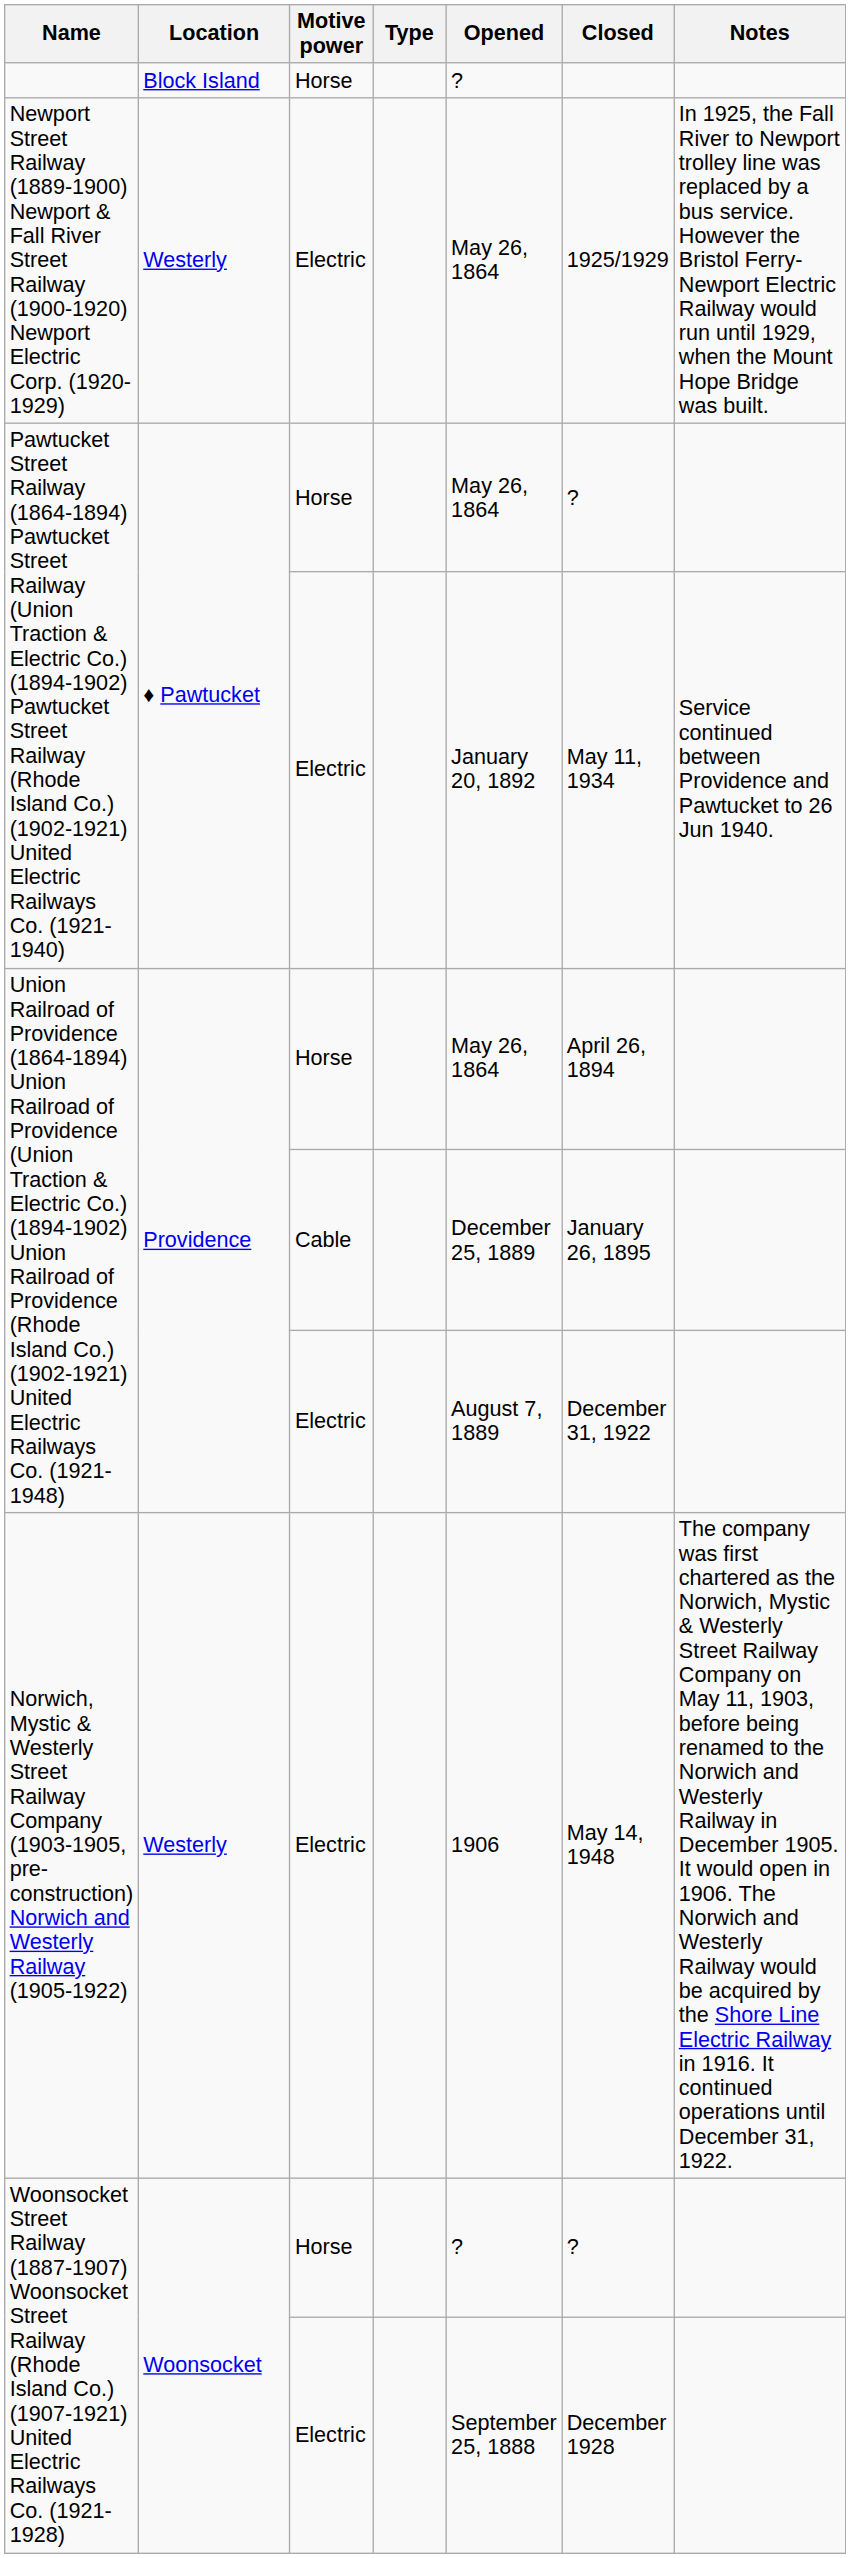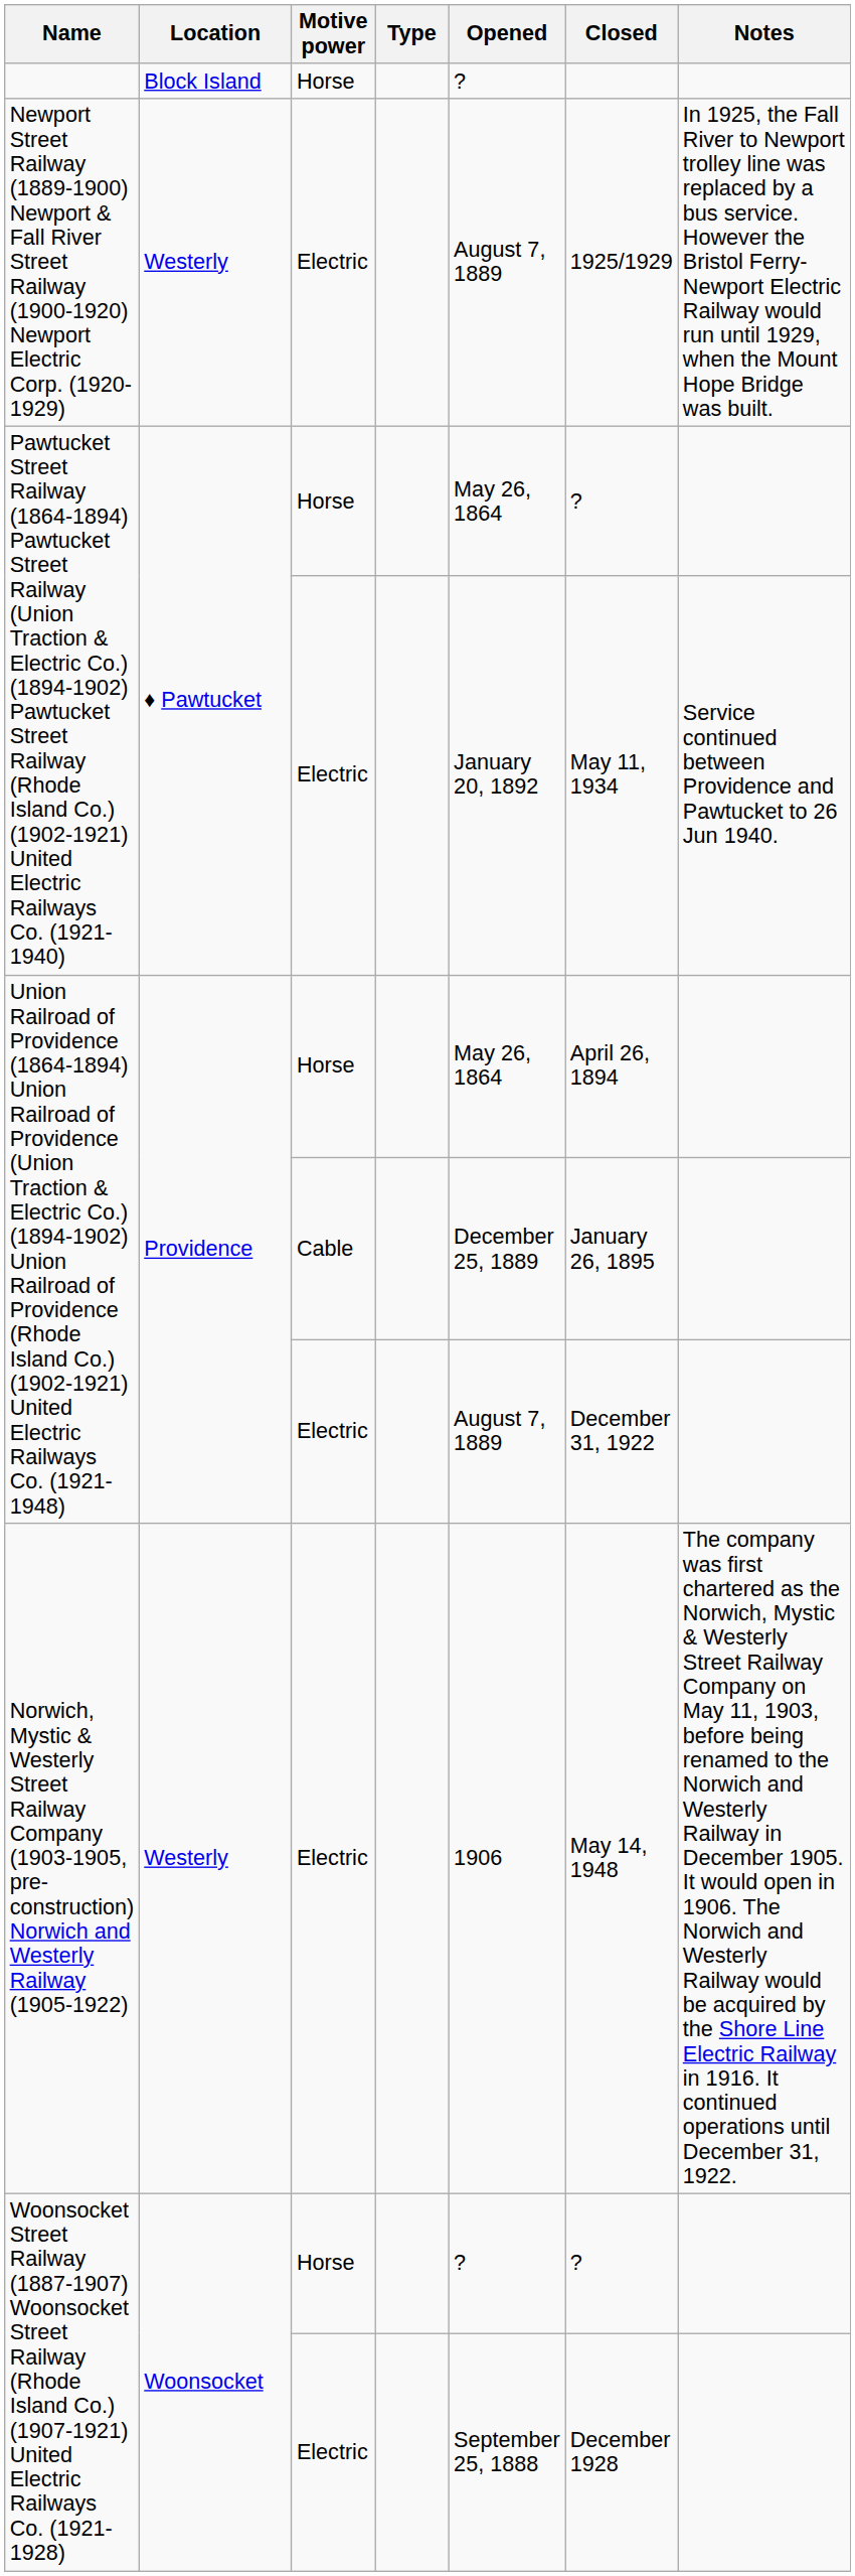 <table class="wikitable sortable" width=100%>
 <tr>
 <th width=15%>Name</th>
 <th width=20%>Location</th>
 <th width=10%>Motive power</th>
 <th width=10%>Type</th>
 <th width=10%>Opened</th>
 <th width=10%>Closed</th>
 <th class="unsortable" width=25%>Notes</th>
 </tr>
 <tr Block Island Electric Lighting & Transportation Company>
 <td> </td>
 <td><a href='#'>Block Island</a></td>
 <td>Horse</td>
 <td> </td>
 <td>?</td>
 <td></td>
 <td> </td>
 </tr>
 <tr>
 <td>Newport Street Railway (1889-1900)<br>Newport & Fall River Street Railway (1900-1920)<br>Newport Electric Corp. (1920-1929)</td>
 <td><a href='#'>Westerly</a></td>
 <td>Electric</td>
 <td> </td>
-<td>May 26, 1864</td>
+<td>August 7, 1889</td>
 <td>1925/1929</td>
 <td>In 1925, the Fall River to Newport trolley line was replaced by a bus service. However the Bristol Ferry-Newport Electric Railway would run until 1929, when the Mount Hope Bridge was built.</td>
 </tr>
 <tr>
 <td rowspan="2">Pawtucket Street Railway (1864-1894)<br>Pawtucket Street Railway (Union Traction & Electric Co.) (1894-1902)<br>Pawtucket Street Railway (Rhode Island Co.) (1902-1921)<br>United Electric Railways Co. (1921-1940)</td>
 <td rowspan="2">♦ <a href='#'>Pawtucket</a></td>
 <td>Horse</td>
 <td> </td>
 <td>May 26, 1864</td>
 <td>?</td>
 <td> </td>
 </tr>
 <tr>
 <td>Electric</td>
 <td> </td>
 <td>January 20, 1892</td>
 <td>May 11, 1934</td>
 <td>Service continued between Providence and Pawtucket to 26 Jun 1940.</td>
 </tr>
 <tr>
 <td rowspan="3">Union Railroad of Providence (1864-1894)<br>Union Railroad of Providence (Union Traction & Electric Co.) (1894-1902)<br>Union Railroad of Providence (Rhode Island Co.) (1902-1921)<br> United Electric Railways Co. (1921-1948)</td>
 <td rowspan="3"><a href='#'>Providence</a></td>
 <td>Horse</td>
 <td> </td>
 <td>May 26, 1864</td>
 <td>April 26, 1894</td>
 <td> </td>
 </tr>
 <tr>
 <td>Cable</td>
 <td> </td>
 <td>December 25, 1889</td>
 <td>January 26, 1895</td>
 <td> </td>
 </tr>
 <tr>
 <td>Electric</td>
 <td> </td>
 <td>August 7, 1889</td>
 <td>December 31, 1922</td>
 <td> </td>
 </tr>
 <tr>
 <td>Norwich, Mystic & Westerly Street Railway Company (1903-1905, pre-construction)<br><a href='#'>Norwich and Westerly Railway</a> (1905-1922)</td>
 <td><a href='#'>Westerly</a></td>
 <td>Electric</td>
 <td> </td>
 <td>1906</td>
 <td>May 14, 1948</td>
 <td>The company was first chartered as the Norwich, Mystic & Westerly Street Railway Company on May 11, 1903, before being renamed to the Norwich and Westerly Railway in December 1905. It would open in 1906. The Norwich and Westerly Railway would be acquired by the <a href='#'>Shore Line Electric Railway</a> in 1916. It continued operations until December 31, 1922.</td>
 </tr>
 <tr>
 <td rowspan="2">Woonsocket Street Railway (1887-1907)<br>Woonsocket Street Railway (Rhode Island Co.) (1907-1921)<br>United Electric Railways Co. (1921-1928)</td>
 <td rowspan=2><a href='#'>Woonsocket</a></td>
 <td>Horse</td>
 <td> </td>
 <td>?</td>
 <td>?</td>
 <td> </td>
 </tr>
 <tr>
 <td>Electric</td>
 <td> </td>
 <td>September 25, 1888</td>
 <td>December 1928</td>
 <td> </td>
 </tr>
 <tr>
 </tr>
 </table>
